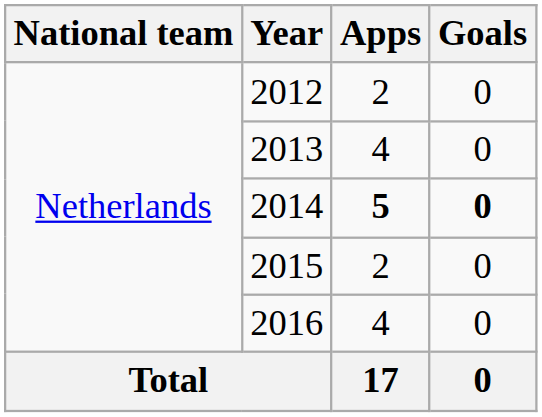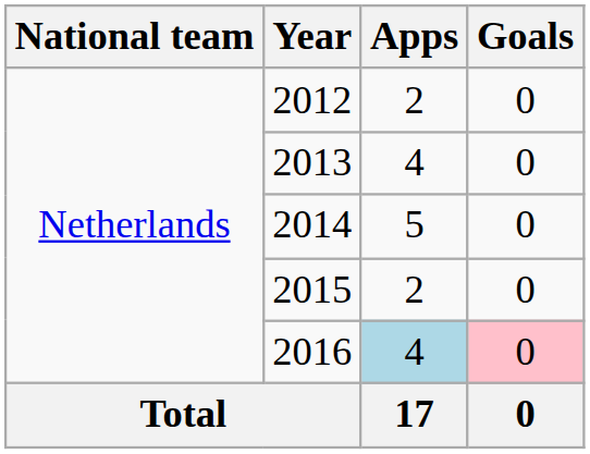 <table class="wikitable" style="text-align:center">
 <tr>
 <th>National team</th>
 <th>Year</th>
 <th>Apps</th>
 <th>Goals</th>
 </tr>
 <tr>
 <td rowspan="5"><a href='#'>Netherlands</a></td>
 <td>2012</td>
 <td>2</td>
 <td>0</td>
 </tr>
 <tr>
 <td>2013</td>
 <td>4</td>
 <td>0</td>
 </tr>
 <tr>
 <td>2014</td>
-<td><strong>5</strong></td>
-<td><strong>0</strong></td>
+<td>5</td>
+<td>0</td>
 </tr>
 <tr>
 <td>2015</td>
 <td>2</td>
 <td>0</td>
 </tr>
 <tr>
 <td>2016</td>
-<td>4</td>
-<td>0</td>
+<td style="background: lightblue;">4</td>
+<td style="background: pink;">0</td>
 </tr>
 <tr>
 <th colspan="2">Total</th>
 <th>17</th>
 <th>0</th>
 </tr>
 </table>
